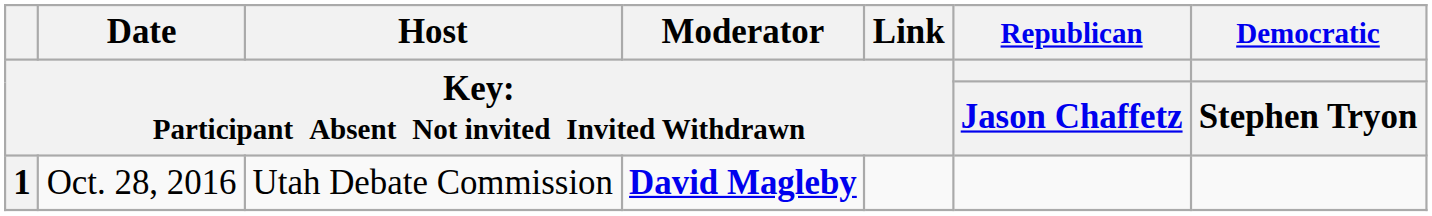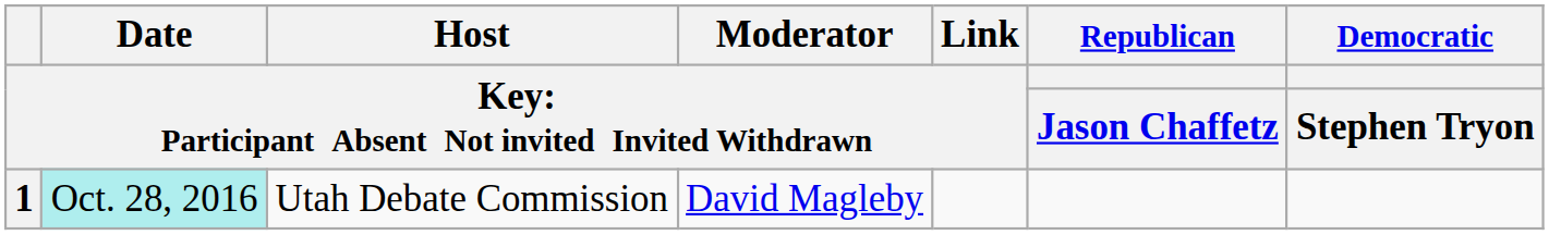 <table class="wikitable" style="text-align:center;">
 <tr>
 <th scope="col"></th>
 <th scope="col">Date</th>
 <th scope="col">Host</th>
 <th scope="col">Moderator</th>
 <th scope="col">Link</th>
 <th scope="col"><small><a href='#'>Republican</a></small></th>
 <th scope="col"><small><a href='#'>Democratic</a></small></th>
 </tr>
 <tr>
 <th colspan="5" rowspan="2">Key:<br> <small>Participant </small>  <small>Absent </small>  <small>Not invited </small>  <small>Invited  Withdrawn</small></th>
 <th scope="col" style="background:"></th>
 <th scope="col" style="background:"></th>
 </tr>
 <tr>
 <th scope="col"><a href='#'>Jason Chaffetz</a></th>
 <th scope="col">Stephen Tryon</th>
 </tr>
 <tr>
 <th>1</th>
-<td style="white-space:nowrap;">Oct. 28, 2016</td>
+<td style="background: paleturquoise; white-space:nowrap;">Oct. 28, 2016</td>
 <td style="white-space:nowrap;">Utah Debate Commission</td>
-<td style="white-space:nowrap;"><strong><a href='#'>David Magleby</a></strong></td>
+<td style="white-space:nowrap;"><a href='#'>David Magleby</a></td>
 <td style="white-space:nowrap;"></td>
 <td></td>
 <td></td>
 </tr>
 </table>
